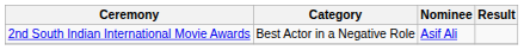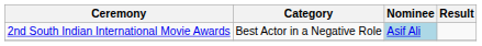 <table class="wikitable">
 <tr>
 <th>Ceremony</th>
 <th>Category</th>
 <th>Nominee</th>
 <th>Result</th>
 </tr>
 <tr>
 <td rowspan="1"><a href='#'>2nd South Indian International Movie Awards</a></td>
 <td>Best Actor in a Negative Role</td>
-<td><a href='#'>Asif Ali</a></td>
+<td style="background: lightblue;"><a href='#'>Asif Ali</a></td>
 <td></td>
 </tr>
 <tr>
 </tr>
 </table>
